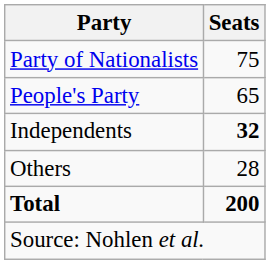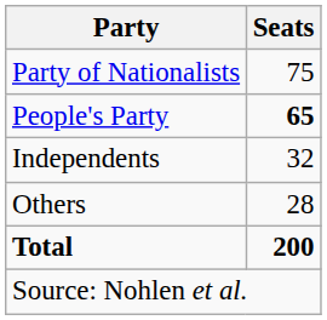 <table class=wikitable style=text-align:right>
 <tr>
 <th>Party</th>
 <th>Seats</th>
 </tr>
 <tr>
 <td align=left><a href='#'>Party of Nationalists</a></td>
 <td>75</td>
 </tr>
 <tr>
 <td align=left><a href='#'>People's Party</a></td>
-<td>65</td>
+<td><strong>65</strong></td>
 </tr>
 <tr>
 <td align=left>Independents</td>
-<td><strong>32</strong></td>
+<td>32</td>
 </tr>
 <tr>
 <td align=left>Others</td>
 <td>28</td>
 </tr>
 <tr>
 <td align=left><strong>Total</strong></td>
 <td><strong>200</strong></td>
 </tr>
 <tr>
 <td colspan=2 align=left>Source: Nohlen <em>et al.</em></td>
 </tr>
 </table>
